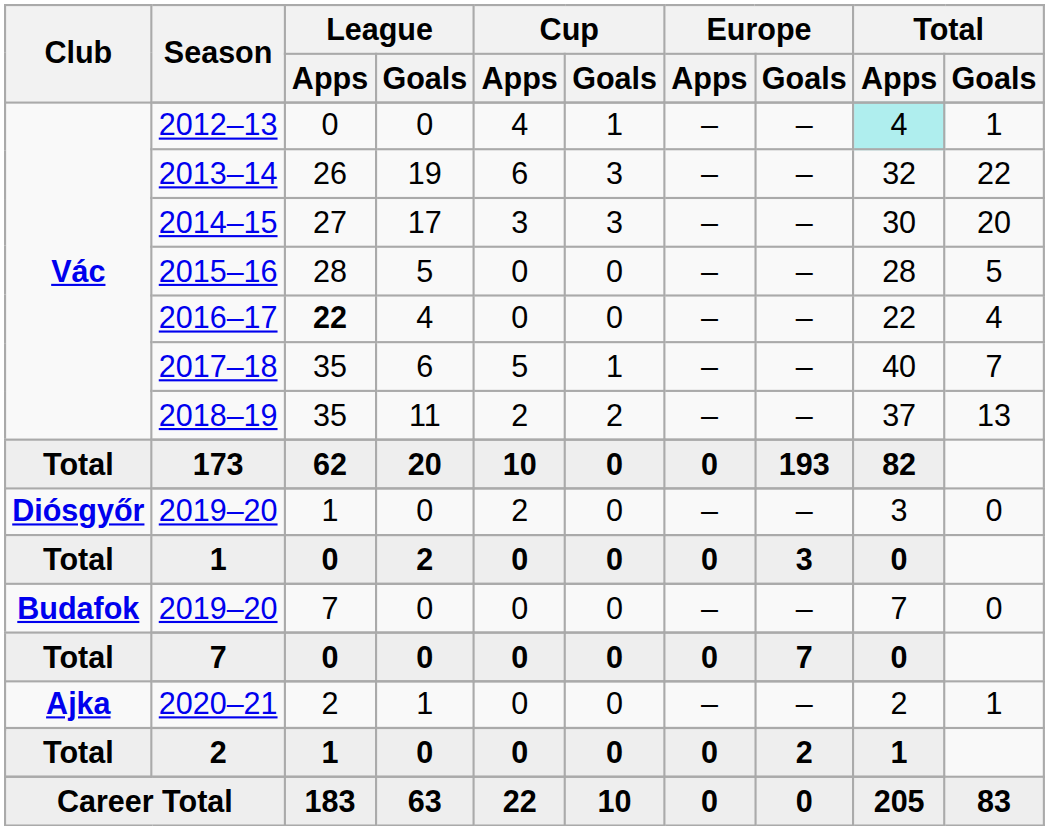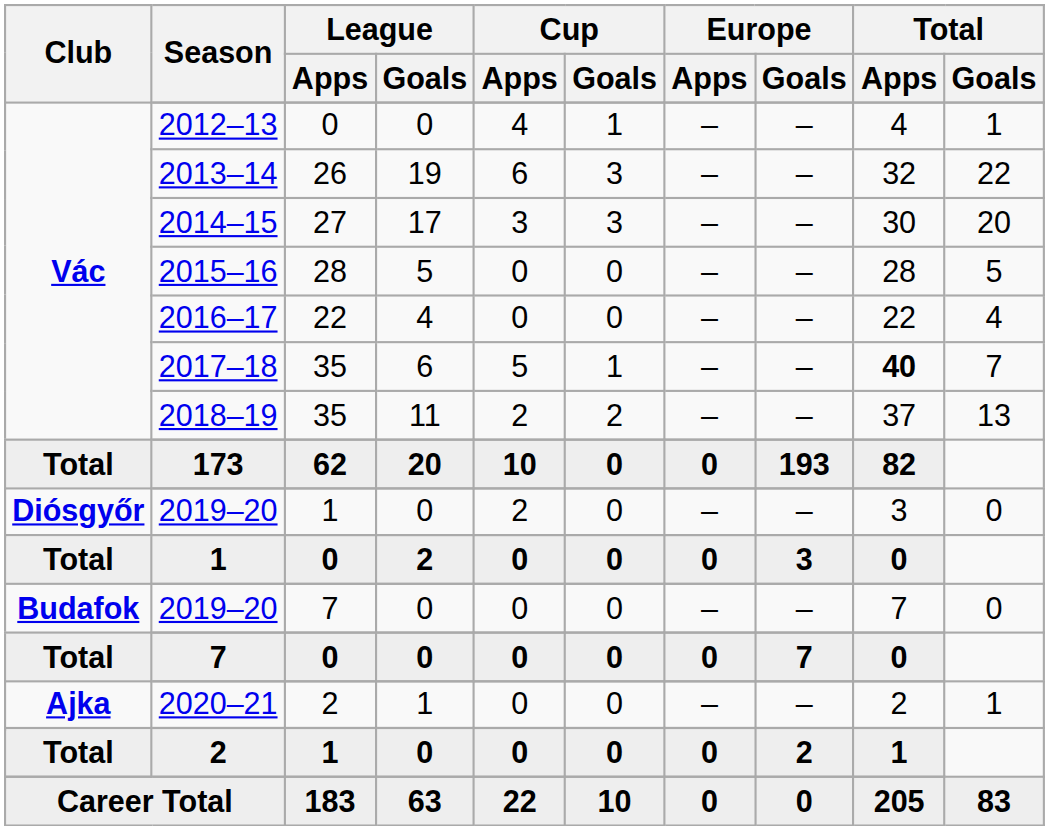 <table class="wikitable" style="font-size:90%; text-align: center;">
 <tr>
 <th rowspan="2">Club</th>
 <th rowspan="2">Season</th>
 <th colspan="2">League</th>
 <th colspan="2">Cup</th>
 <th colspan="2">Europe</th>
 <th colspan="2">Total</th>
 </tr>
 <tr>
 <th>Apps</th>
 <th>Goals</th>
 <th>Apps</th>
 <th>Goals</th>
 <th>Apps</th>
 <th>Goals</th>
 <th>Apps</th>
 <th>Goals</th>
 </tr>
 <tr ||-||-||-|->
 <td rowspan="9" valign="center"><strong><a href='#'>Vác</a></strong></td>
 </tr>
 <tr>
 <td><a href='#'>2012–13</a></td>
 <td>0</td>
 <td>0</td>
 <td>4</td>
 <td>1</td>
 <td>–</td>
 <td>–</td>
-<td style="background: paleturquoise;">4</td>
+<td>4</td>
 <td>1</td>
 </tr>
 <tr>
 <td><a href='#'>2013–14</a></td>
 <td>26</td>
 <td>19</td>
 <td>6</td>
 <td>3</td>
 <td>–</td>
 <td>–</td>
 <td>32</td>
 <td>22</td>
 </tr>
 <tr>
 <td><a href='#'>2014–15</a></td>
 <td>27</td>
 <td>17</td>
 <td>3</td>
 <td>3</td>
 <td>–</td>
 <td>–</td>
 <td>30</td>
 <td>20</td>
 </tr>
 <tr>
 <td><a href='#'>2015–16</a></td>
 <td>28</td>
 <td>5</td>
 <td>0</td>
 <td>0</td>
 <td>–</td>
 <td>–</td>
 <td>28</td>
 <td>5</td>
 </tr>
 <tr>
 <td><a href='#'>2016–17</a></td>
-<td><strong>22</strong></td>
+<td>22</td>
 <td>4</td>
 <td>0</td>
 <td>0</td>
 <td>–</td>
 <td>–</td>
 <td>22</td>
 <td>4</td>
 </tr>
 <tr>
 <td><a href='#'>2017–18</a></td>
 <td>35</td>
 <td>6</td>
 <td>5</td>
 <td>1</td>
 <td>–</td>
 <td>–</td>
-<td>40</td>
+<td><strong>40</strong></td>
 <td>7</td>
 </tr>
 <tr>
 <td><a href='#'>2018–19</a></td>
 <td>35</td>
 <td>11</td>
 <td>2</td>
 <td>2</td>
 <td>–</td>
 <td>–</td>
 <td>37</td>
 <td>13</td>
 </tr>
 <tr>
 </tr>
 <tr style="font-weight:bold; background-color:#eeeeee;">
 <td>Total</td>
 <td>173</td>
 <td>62</td>
 <td>20</td>
 <td>10</td>
 <td>0</td>
 <td>0</td>
 <td>193</td>
 <td>82</td>
 </tr>
 <tr>
 <td rowspan="3" valign="center"><strong><a href='#'>Diósgyőr</a></strong></td>
 </tr>
 <tr>
 <td><a href='#'>2019–20</a></td>
 <td>1</td>
 <td>0</td>
 <td>2</td>
 <td>0</td>
 <td>–</td>
 <td>–</td>
 <td>3</td>
 <td>0</td>
 </tr>
 <tr>
 </tr>
 <tr style="font-weight:bold; background-color:#eeeeee;">
 <td>Total</td>
 <td>1</td>
 <td>0</td>
 <td>2</td>
 <td>0</td>
 <td>0</td>
 <td>0</td>
 <td>3</td>
 <td>0</td>
 </tr>
 <tr>
 <td rowspan="3" valign="center"><strong><a href='#'>Budafok</a></strong></td>
 </tr>
 <tr>
 <td><a href='#'>2019–20</a></td>
 <td>7</td>
 <td>0</td>
 <td>0</td>
 <td>0</td>
 <td>–</td>
 <td>–</td>
 <td>7</td>
 <td>0</td>
 </tr>
 <tr>
 </tr>
 <tr style="font-weight:bold; background-color:#eeeeee;">
 <td>Total</td>
 <td>7</td>
 <td>0</td>
 <td>0</td>
 <td>0</td>
 <td>0</td>
 <td>0</td>
 <td>7</td>
 <td>0</td>
 </tr>
 <tr>
 <td rowspan="3" valign="center"><strong><a href='#'>Ajka</a></strong></td>
 </tr>
 <tr>
 <td><a href='#'>2020–21</a></td>
 <td>2</td>
 <td>1</td>
 <td>0</td>
 <td>0</td>
 <td>–</td>
 <td>–</td>
 <td>2</td>
 <td>1</td>
 </tr>
 <tr>
 </tr>
 <tr style="font-weight:bold; background-color:#eeeeee;">
 <td>Total</td>
 <td>2</td>
 <td>1</td>
 <td>0</td>
 <td>0</td>
 <td>0</td>
 <td>0</td>
 <td>2</td>
 <td>1</td>
 </tr>
 <tr>
 </tr>
 <tr style="font-weight:bold; background-color:#eeeeee;">
 <td colspan="2" valign="top"><strong>Career Total</strong></td>
 <td><strong>183</strong></td>
 <td><strong>63</strong></td>
 <td><strong>22</strong></td>
 <td><strong>10</strong></td>
 <td><strong>0</strong></td>
 <td><strong>0</strong></td>
 <td><strong>205</strong></td>
 <td><strong>83</strong></td>
 </tr>
 </table>
